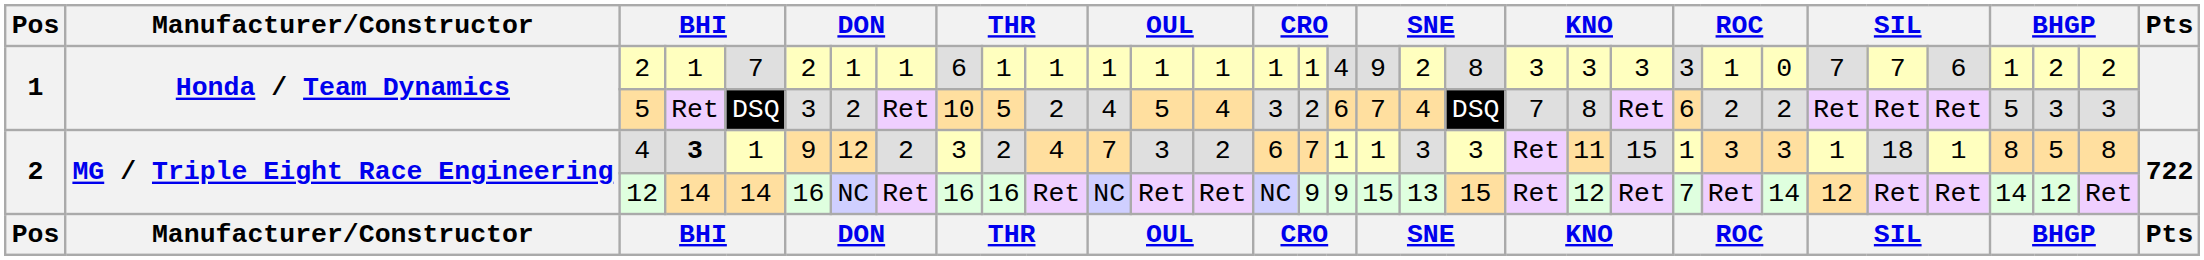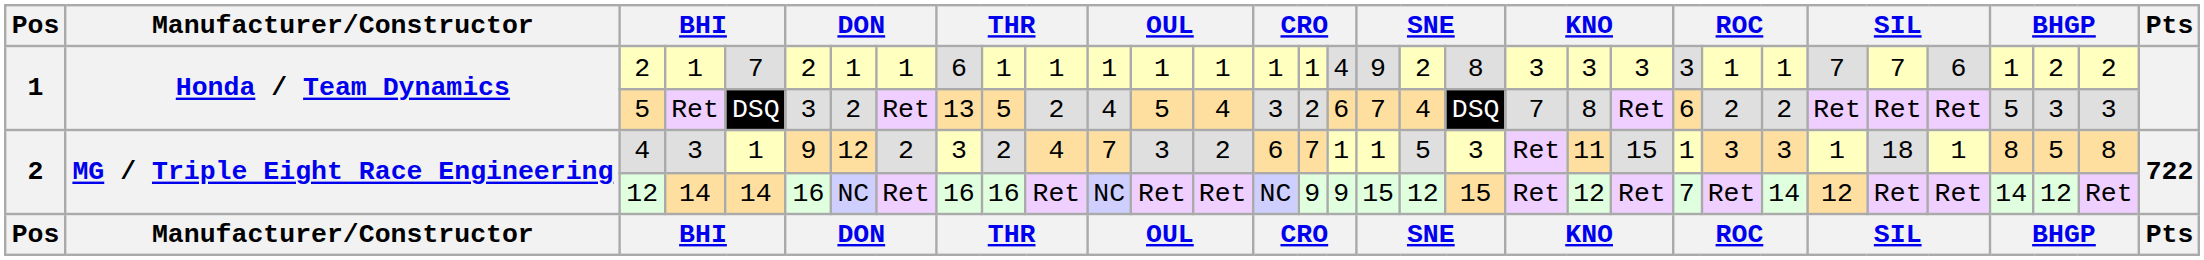 <table class="wikitable" style="font-size: 85%; text-align: center;">
 <tr valign="top">
 <th valign="middle">Pos</th>
 <th valign="middle">Manufacturer/Constructor</th>
 <th colspan="3"><a href='#'>BHI</a></th>
 <th colspan="3"><a href='#'>DON</a></th>
 <th colspan="3"><a href='#'>THR</a></th>
 <th colspan="3"><a href='#'>OUL</a></th>
 <th colspan="3"><a href='#'>CRO</a></th>
 <th colspan="3"><a href='#'>SNE</a></th>
 <th colspan="3"><a href='#'>KNO</a></th>
 <th colspan="3"><a href='#'>ROC</a></th>
 <th colspan="3"><a href='#'>SIL</a></th>
 <th colspan="3"><a href='#'>BHGP</a></th>
 <th valign=middle>Pts</th>
 </tr>
 <tr>
 <th rowspan=2>1</th>
 <th rowspan=2 align=left><a href='#'>Honda</a> / <a href='#'>Team Dynamics</a></th>
 <td style="background:#ffffbf;">2</td>
 <td style="background:#ffffbf;">1</td>
 <td style="background:#dfdfdf;">7</td>
 <td style="background:#ffffbf;">2</td>
 <td style="background:#ffffbf;">1</td>
 <td style="background:#ffffbf;">1</td>
 <td style="background:#dfdfdf;">6</td>
 <td style="background:#ffffbf;">1</td>
 <td style="background:#ffffbf;">1</td>
 <td style="background:#ffffbf;">1</td>
 <td style="background:#ffffbf;">1</td>
 <td style="background:#ffffbf;">1</td>
 <td style="background:#ffffbf;">1</td>
 <td style="background:#ffffbf;">1</td>
 <td style="background:#dfdfdf;">4</td>
 <td style="background:#dfdfdf;">9</td>
 <td style="background:#ffffbf;">2</td>
 <td style="background:#dfdfdf;">8</td>
 <td style="background:#ffffbf;">3</td>
 <td style="background:#ffffbf;">3</td>
 <td style="background:#ffffbf;">3</td>
 <td style="background:#dfdfdf;">3</td>
 <td style="background:#ffffbf;">1</td>
-<td style="background:#ffffbf;">0</td>
+<td style="background:#ffffbf;">1</td>
 <td style="background:#dfdfdf;">7</td>
 <td style="background:#ffffbf;">7</td>
 <td style="background:#dfdfdf;">6</td>
 <td style="background:#ffffbf;">1</td>
 <td style="background:#ffffbf;">2</td>
 <td style="background:#ffffbf;">2</td>
 <th rowspan=2></th>
 </tr>
 <tr>
 <td style="background:#ffdf9f;">5</td>
 <td style="background:#efcfff;">Ret</td>
 <td style="background:#000000; color:white">DSQ</td>
 <td style="background:#dfdfdf;">3</td>
 <td style="background:#dfdfdf;">2</td>
 <td style="background:#efcfff;">Ret</td>
-<td style="background:#ffdf9f;">10</td>
+<td style="background:#ffdf9f;">13</td>
 <td style="background:#ffdf9f;">5</td>
 <td style="background:#dfdfdf;">2</td>
 <td style="background:#dfdfdf;">4</td>
 <td style="background:#ffdf9f;">5</td>
 <td style="background:#ffdf9f;">4</td>
 <td style="background:#dfdfdf;">3</td>
 <td style="background:#dfdfdf;">2</td>
 <td style="background:#ffdf9f;">6</td>
 <td style="background:#ffdf9f;">7</td>
 <td style="background:#ffdf9f;">4</td>
 <td style="background:#000000; color:white">DSQ</td>
 <td style="background:#dfdfdf;">7</td>
 <td style="background:#dfdfdf;">8</td>
 <td style="background:#efcfff;">Ret</td>
 <td style="background:#ffdf9f;">6</td>
 <td style="background:#dfdfdf;">2</td>
 <td style="background:#dfdfdf;">2</td>
 <td style="background:#efcfff;">Ret</td>
 <td style="background:#efcfff;">Ret</td>
 <td style="background:#efcfff;">Ret</td>
 <td style="background:#dfdfdf;">5</td>
 <td style="background:#dfdfdf;">3</td>
 <td style="background:#dfdfdf;">3</td>
 </tr>
 <tr>
 <th rowspan=2>2</th>
 <th rowspan=2 align=left nowrap><a href='#'>MG</a> / <a href='#'>Triple Eight Race Engineering</a></th>
 <td style="background:#dfdfdf;">4</td>
-<td style="background:#dfdfdf;"><strong>3</strong></td>
+<td style="background:#dfdfdf;">3</td>
 <td style="background:#ffffbf;">1</td>
 <td style="background:#ffdf9f;">9</td>
 <td style="background:#ffdf9f;">12</td>
 <td style="background:#dfdfdf;">2</td>
 <td style="background:#ffffbf;">3</td>
 <td style="background:#dfdfdf;">2</td>
 <td style="background:#ffdf9f;">4</td>
 <td style="background:#ffdf9f;">7</td>
 <td style="background:#dfdfdf;">3</td>
 <td style="background:#dfdfdf;">2</td>
 <td style="background:#ffdf9f;">6</td>
 <td style="background:#ffdf9f;">7</td>
 <td style="background:#ffffbf;">1</td>
 <td style="background:#ffffbf;">1</td>
-<td style="background:#dfdfdf;">3</td>
+<td style="background:#dfdfdf;">5</td>
 <td style="background:#ffffbf;">3</td>
 <td style="background:#efcfff;">Ret</td>
 <td style="background:#ffdf9f;">11</td>
 <td style="background:#dfdfdf;">15</td>
 <td style="background:#ffffbf;">1</td>
 <td style="background:#ffdf9f;">3</td>
 <td style="background:#ffdf9f;">3</td>
 <td style="background:#ffffbf;">1</td>
 <td style="background:#dfdfdf;">18</td>
 <td style="background:#ffffbf;">1</td>
 <td style="background:#ffdf9f;">8</td>
 <td style="background:#ffdf9f;">5</td>
 <td style="background:#ffdf9f;">8</td>
 <th rowspan=2>722</th>
 </tr>
 <tr>
 <td style="background:#dfffdf;">12</td>
 <td style="background:#ffdf9f;">14</td>
 <td style="background:#ffdf9f;">14</td>
 <td style="background:#dfffdf;">16</td>
 <td style="background:#cfcfff;">NC</td>
 <td style="background:#efcfff;">Ret</td>
 <td style="background:#dfffdf;">16</td>
 <td style="background:#dfffdf;">16</td>
 <td style="background:#efcfff;">Ret</td>
 <td style="background:#cfcfff;">NC</td>
 <td style="background:#efcfff;">Ret</td>
 <td style="background:#efcfff;">Ret</td>
 <td style="background:#cfcfff;">NC</td>
 <td style="background:#dfffdf;">9</td>
 <td style="background:#dfffdf;">9</td>
 <td style="background:#dfffdf;">15</td>
-<td style="background:#dfffdf;">13</td>
+<td style="background:#dfffdf;">12</td>
 <td style="background:#ffdf9f;">15</td>
 <td style="background:#efcfff;">Ret</td>
 <td style="background:#dfffdf;">12</td>
 <td style="background:#efcfff;">Ret</td>
 <td style="background:#dfffdf;">7</td>
 <td style="background:#efcfff;">Ret</td>
 <td style="background:#dfffdf;">14</td>
 <td style="background:#ffdf9f;">12</td>
 <td style="background:#efcfff;">Ret</td>
 <td style="background:#efcfff;">Ret</td>
 <td style="background:#dfffdf;">14</td>
 <td style="background:#dfffdf;">12</td>
 <td style="background:#efcfff;">Ret</td>
 </tr>
 <tr valign="top">
 <th valign="middle">Pos</th>
 <th valign="middle">Manufacturer/Constructor</th>
 <th colspan="3"><a href='#'>BHI</a></th>
 <th colspan="3"><a href='#'>DON</a></th>
 <th colspan="3"><a href='#'>THR</a></th>
 <th colspan="3"><a href='#'>OUL</a></th>
 <th colspan="3"><a href='#'>CRO</a></th>
 <th colspan="3"><a href='#'>SNE</a></th>
 <th colspan="3"><a href='#'>KNO</a></th>
 <th colspan="3"><a href='#'>ROC</a></th>
 <th colspan="3"><a href='#'>SIL</a></th>
 <th colspan="3"><a href='#'>BHGP</a></th>
 <th valign=middle>Pts</th>
 </tr>
 </table>
